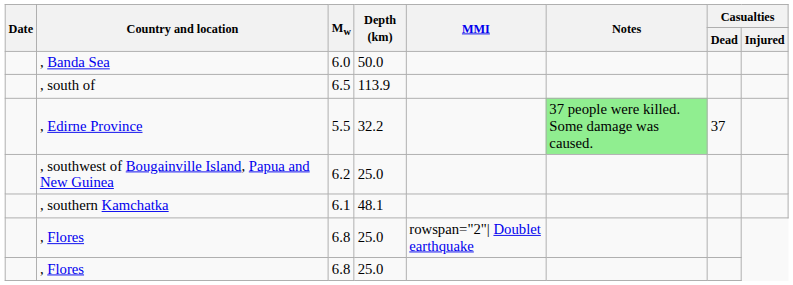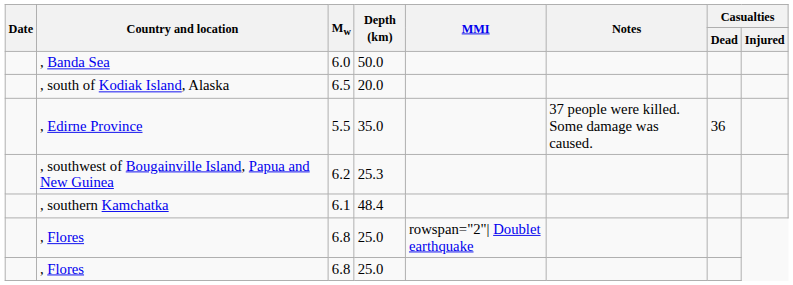 <table class="wikitable sortable sort-under" style="border:1px black; margin-left:1em;">
 <tr>
 <th rowspan="2"><small>Date</small></th>
 <th rowspan="2" style="width: 310px"><small>Country and location</small></th>
 <th rowspan="2"><small>M<sub>w</sub></small></th>
 <th rowspan="2"><small>Depth (km)</small></th>
 <th rowspan="2"><small><a href='#'>MMI</a></small></th>
 <th rowspan="2" class="unsortable"><small>Notes</small></th>
 <th colspan="2"><small>Casualties</small></th>
 </tr>
 <tr>
 <th><small>Dead</small></th>
 <th><small>Injured</small></th>
 </tr>
 <tr>
 <td></td>
 <td>, <a href='#'>Banda Sea</a></td>
 <td>6.0</td>
 <td>50.0</td>
 <td></td>
 <td></td>
 <td></td>
 <td></td>
 </tr>
 <tr>
 <td></td>
-<td>, south of</td>
+<td>, south of <a href='#'>Kodiak Island</a>, Alaska</td>
 <td>6.5</td>
-<td>113.9</td>
+<td>20.0</td>
 <td></td>
 <td></td>
 <td></td>
 <td></td>
 </tr>
 <tr>
 <td></td>
 <td>, <a href='#'>Edirne Province</a></td>
 <td>5.5</td>
-<td>32.2</td>
+<td>35.0</td>
 <td></td>
-<td style="background: lightgreen;">37 people were killed. Some damage was caused.</td>
-<td>37</td>
+<td>37 people were killed. Some damage was caused.</td>
+<td>36</td>
 <td></td>
 </tr>
 <tr>
 <td></td>
 <td>, southwest of <a href='#'>Bougainville Island</a>, <a href='#'>Papua and New Guinea</a></td>
 <td>6.2</td>
-<td>25.0</td>
+<td>25.3</td>
 <td></td>
 <td></td>
 <td></td>
 <td></td>
 </tr>
 <tr>
 <td></td>
 <td>, southern <a href='#'>Kamchatka</a></td>
 <td>6.1</td>
-<td>48.1</td>
+<td>48.4</td>
 <td></td>
 <td></td>
 <td></td>
 <td></td>
 </tr>
 <tr>
 <td></td>
 <td>, <a href='#'>Flores</a></td>
 <td>6.8</td>
 <td>25.0</td>
 <td>rowspan="2"| <a href='#'>Doublet earthquake</a></td>
 <td></td>
 <td></td>
 </tr>
 <tr>
 <td></td>
 <td>, <a href='#'>Flores</a></td>
 <td>6.8</td>
 <td>25.0</td>
 <td></td>
 <td></td>
 <td></td>
 </tr>
 </table>
